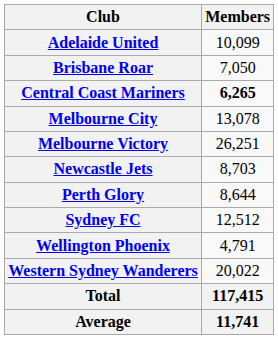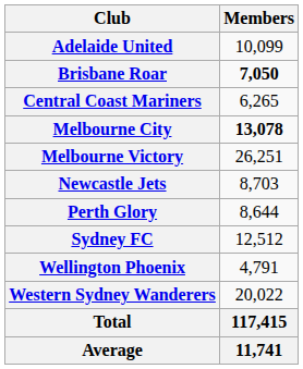 <table class="wikitable plainrowheaders sortable" style="text-align:center;">
 <tr>
 <th>Club</th>
 <th>Members</th>
 </tr>
 <tr>
 <th scope="row"><a href='#'>Adelaide United</a></th>
 <td>10,099</td>
 </tr>
 <tr>
 <th scope="row"><a href='#'>Brisbane Roar</a></th>
-<td>7,050</td>
+<td><strong>7,050</strong></td>
 </tr>
 <tr>
 <th scope="row"><a href='#'>Central Coast Mariners</a></th>
-<td><strong>6,265</strong></td>
+<td>6,265</td>
 </tr>
 <tr>
 <th scope="row"><a href='#'>Melbourne City</a></th>
-<td>13,078</td>
+<td><strong>13,078</strong></td>
 </tr>
 <tr>
 <th scope="row"><a href='#'>Melbourne Victory</a></th>
 <td>26,251</td>
 </tr>
 <tr>
 <th scope="row"><a href='#'>Newcastle Jets</a></th>
 <td>8,703</td>
 </tr>
 <tr>
 <th scope="row"><a href='#'>Perth Glory</a></th>
 <td>8,644</td>
 </tr>
 <tr>
 <th scope="row"><a href='#'>Sydney FC</a></th>
 <td>12,512</td>
 </tr>
 <tr>
 <th scope="row"><a href='#'>Wellington Phoenix</a></th>
 <td>4,791</td>
 </tr>
 <tr>
 <th scope="row"><a href='#'>Western Sydney Wanderers</a></th>
 <td>20,022</td>
 </tr>
 <tr>
 <th>Total</th>
 <th>117,415</th>
 </tr>
 <tr>
 <th>Average</th>
 <th>11,741</th>
 </tr>
 </table>
